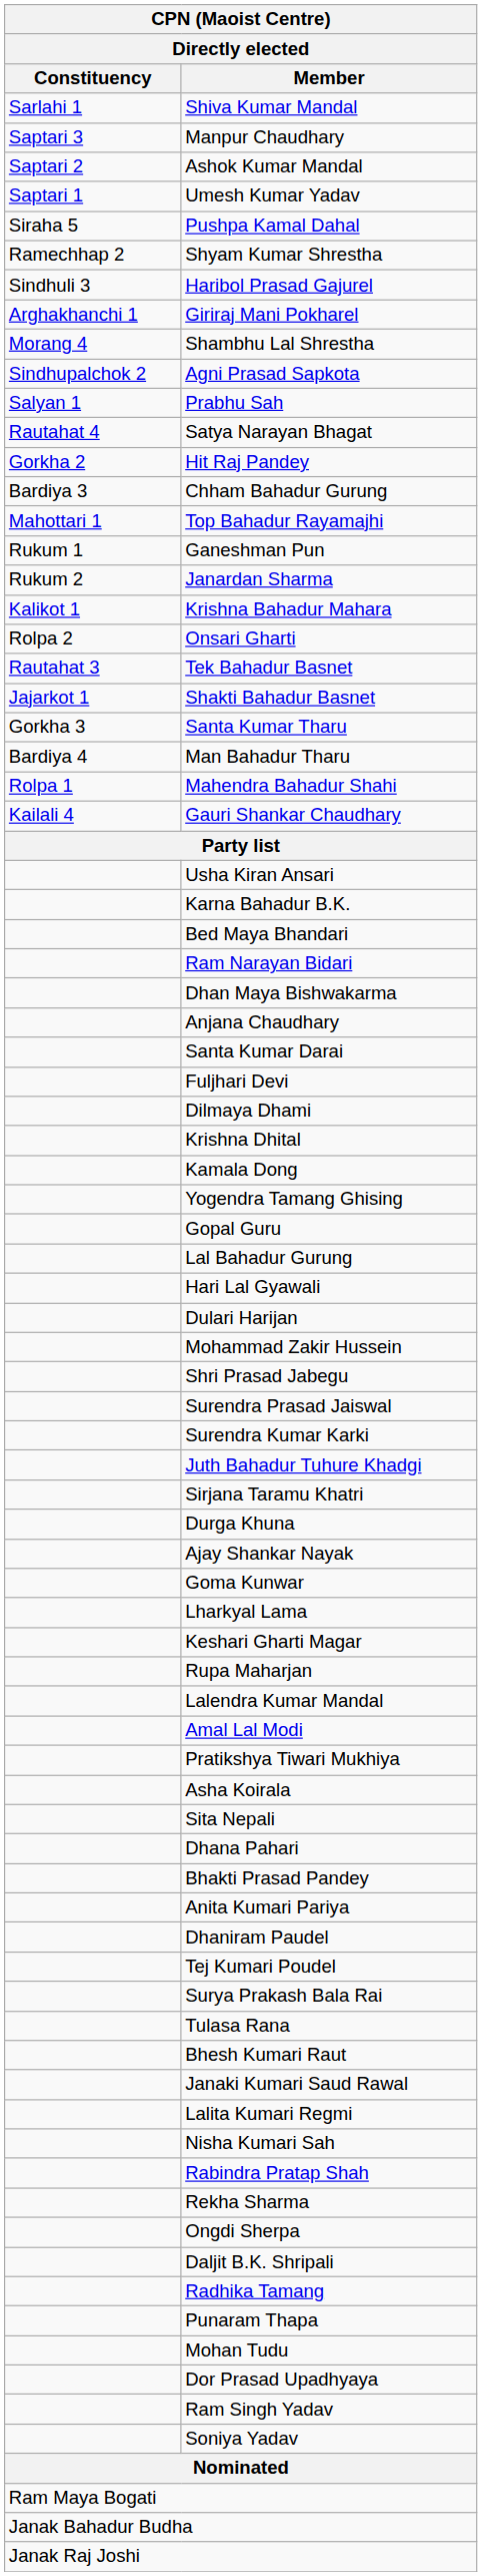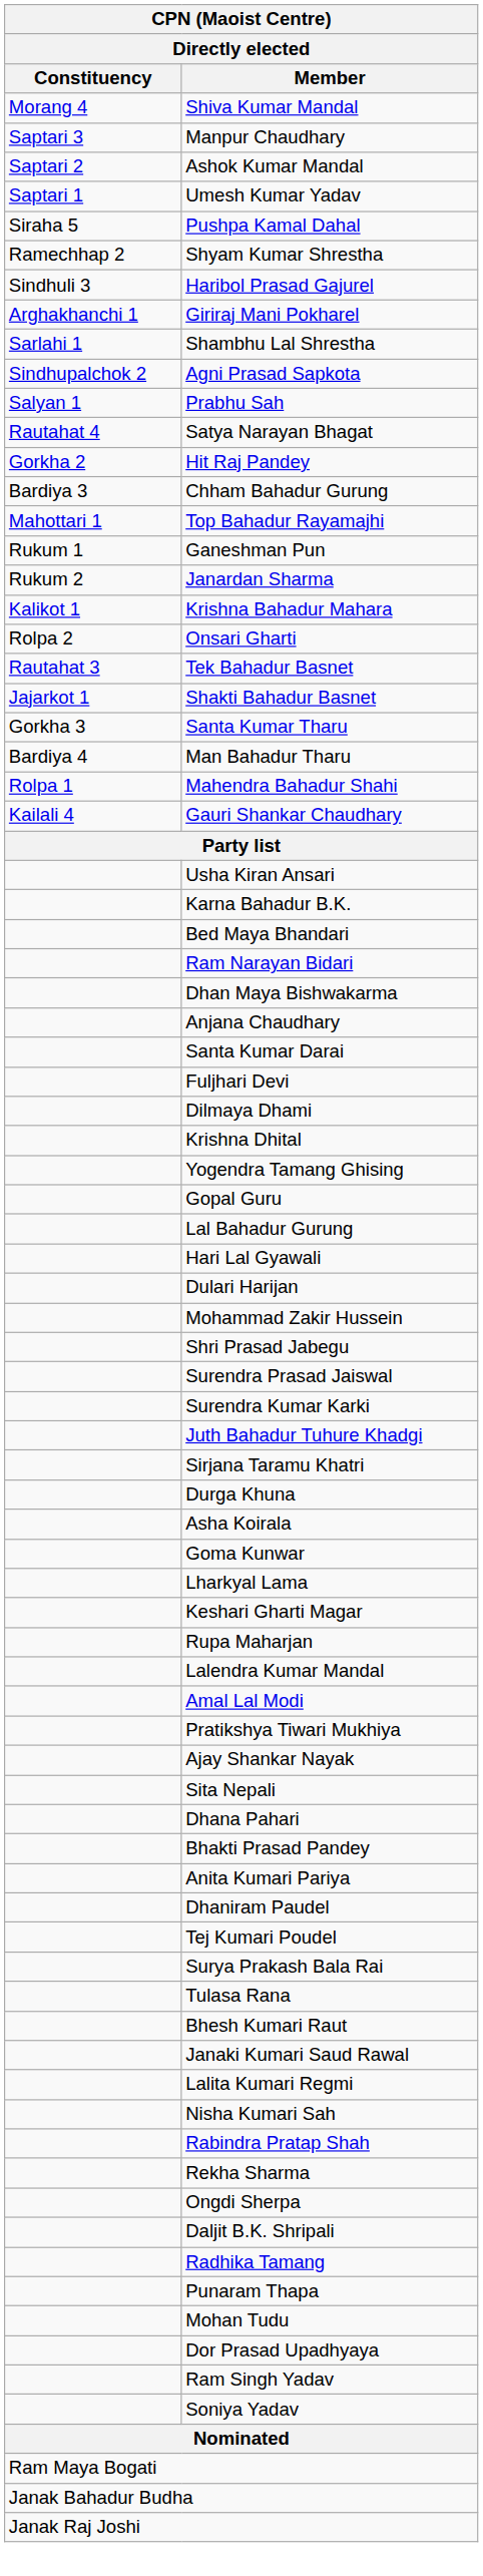 <table class="wikitable mw-collapsible mw-collapsed" role="presentation">
 <tr>
 <th colspan="2" style="width: 300pt; background: ">CPN (Maoist Centre)</th>
 </tr>
 <tr>
 <th colspan="2">Directly elected</th>
 </tr>
 <tr>
 <th>Constituency</th>
 <th>Member</th>
 </tr>
 <tr>
-<td><a href='#'>Sarlahi 1</a></td>
+<td><a href='#'>Morang 4</a></td>
 <td><a href='#'>Shiva Kumar Mandal</a></td>
 </tr>
 <tr>
 <td><a href='#'>Saptari 3</a></td>
 <td>Manpur Chaudhary</td>
 </tr>
 <tr>
 <td><a href='#'>Saptari 2</a></td>
 <td>Ashok Kumar Mandal</td>
 </tr>
 <tr>
 <td><a href='#'>Saptari 1</a></td>
 <td>Umesh Kumar Yadav</td>
 </tr>
 <tr>
 <td>Siraha 5</td>
 <td><a href='#'>Pushpa Kamal Dahal</a></td>
 </tr>
 <tr>
 <td>Ramechhap 2</td>
 <td>Shyam Kumar Shrestha</td>
 </tr>
 <tr>
 <td>Sindhuli 3</td>
 <td><a href='#'>Haribol Prasad Gajurel</a></td>
 </tr>
 <tr>
 <td><a href='#'>Arghakhanchi 1</a></td>
 <td><a href='#'>Giriraj Mani Pokharel</a></td>
 </tr>
 <tr>
-<td><a href='#'>Morang 4</a></td>
+<td><a href='#'>Sarlahi 1</a></td>
 <td>Shambhu Lal Shrestha</td>
 </tr>
 <tr>
 <td><a href='#'>Sindhupalchok 2</a></td>
 <td><a href='#'>Agni Prasad Sapkota</a></td>
 </tr>
 <tr>
 <td><a href='#'>Salyan 1</a></td>
 <td><a href='#'>Prabhu Sah</a></td>
 </tr>
 <tr>
 <td><a href='#'>Rautahat 4</a></td>
 <td>Satya Narayan Bhagat</td>
 </tr>
 <tr>
 <td><a href='#'>Gorkha 2</a></td>
 <td><a href='#'>Hit Raj Pandey</a></td>
 </tr>
 <tr>
 <td>Bardiya 3</td>
 <td>Chham Bahadur Gurung</td>
 </tr>
 <tr>
 <td><a href='#'>Mahottari 1</a></td>
 <td><a href='#'>Top Bahadur Rayamajhi</a></td>
 </tr>
 <tr>
 <td>Rukum 1</td>
 <td>Ganeshman Pun</td>
 </tr>
 <tr>
 <td>Rukum 2</td>
 <td><a href='#'>Janardan Sharma</a></td>
 </tr>
 <tr>
 <td><a href='#'>Kalikot 1</a></td>
 <td><a href='#'>Krishna Bahadur Mahara</a></td>
 </tr>
 <tr>
 <td>Rolpa 2</td>
 <td><a href='#'>Onsari Gharti</a></td>
 </tr>
 <tr>
 <td><a href='#'>Rautahat 3</a></td>
 <td><a href='#'>Tek Bahadur Basnet</a></td>
 </tr>
 <tr>
 <td><a href='#'>Jajarkot 1</a></td>
 <td><a href='#'>Shakti Bahadur Basnet</a></td>
 </tr>
 <tr>
 <td>Gorkha 3</td>
 <td><a href='#'>Santa Kumar Tharu</a></td>
 </tr>
 <tr>
 <td>Bardiya 4</td>
 <td>Man Bahadur Tharu</td>
 </tr>
 <tr>
 <td><a href='#'>Rolpa 1</a></td>
 <td><a href='#'>Mahendra Bahadur Shahi</a></td>
 </tr>
 <tr>
 <td><a href='#'>Kailali 4</a></td>
 <td><a href='#'>Gauri Shankar Chaudhary</a></td>
 </tr>
 <tr>
 <th colspan="2">Party list</th>
 </tr>
 <tr>
 <td></td>
 <td>Usha Kiran Ansari</td>
 </tr>
 <tr>
 <td></td>
 <td>Karna Bahadur B.K.</td>
 </tr>
 <tr>
 <td></td>
 <td>Bed Maya Bhandari</td>
 </tr>
 <tr>
 <td></td>
 <td><a href='#'>Ram Narayan Bidari</a></td>
 </tr>
 <tr>
 <td></td>
 <td>Dhan Maya Bishwakarma</td>
 </tr>
 <tr>
 <td></td>
 <td>Anjana Chaudhary</td>
 </tr>
 <tr>
 <td></td>
 <td>Santa Kumar Darai</td>
 </tr>
 <tr>
 <td></td>
 <td>Fuljhari Devi</td>
 </tr>
 <tr>
 <td></td>
 <td>Dilmaya Dhami</td>
 </tr>
 <tr>
 <td></td>
 <td>Krishna Dhital</td>
 </tr>
 <tr>
 <td></td>
-<td>Kamala Dong</td>
-</tr>
-<tr>
-<td></td>
 <td>Yogendra Tamang Ghising</td>
 </tr>
 <tr>
 <td></td>
 <td>Gopal Guru</td>
 </tr>
 <tr>
 <td></td>
 <td>Lal Bahadur Gurung</td>
 </tr>
 <tr>
 <td></td>
 <td>Hari Lal Gyawali</td>
 </tr>
 <tr>
 <td></td>
 <td>Dulari Harijan</td>
 </tr>
 <tr>
 <td></td>
 <td>Mohammad Zakir Hussein</td>
 </tr>
 <tr>
 <td></td>
 <td>Shri Prasad Jabegu</td>
 </tr>
 <tr>
 <td></td>
 <td>Surendra Prasad Jaiswal</td>
 </tr>
 <tr>
 <td></td>
 <td>Surendra Kumar Karki</td>
 </tr>
 <tr>
 <td></td>
 <td><a href='#'>Juth Bahadur Tuhure Khadgi</a></td>
 </tr>
 <tr>
 <td></td>
 <td>Sirjana Taramu Khatri</td>
 </tr>
 <tr>
 <td></td>
 <td>Durga Khuna</td>
 </tr>
 <tr>
 <td></td>
-<td>Ajay Shankar Nayak</td>
+<td>Asha Koirala</td>
 </tr>
 <tr>
 <td></td>
 <td>Goma Kunwar</td>
 </tr>
 <tr>
 <td></td>
 <td>Lharkyal Lama</td>
 </tr>
 <tr>
 <td></td>
 <td>Keshari Gharti Magar</td>
 </tr>
 <tr>
 <td></td>
 <td>Rupa Maharjan</td>
 </tr>
 <tr>
 <td></td>
 <td>Lalendra Kumar Mandal</td>
 </tr>
 <tr>
 <td></td>
 <td><a href='#'>Amal Lal Modi</a></td>
 </tr>
 <tr>
 <td></td>
 <td>Pratikshya Tiwari Mukhiya</td>
 </tr>
 <tr>
 <td></td>
-<td>Asha Koirala</td>
+<td>Ajay Shankar Nayak</td>
 </tr>
 <tr>
 <td></td>
 <td>Sita Nepali</td>
 </tr>
 <tr>
 <td></td>
 <td>Dhana Pahari</td>
 </tr>
 <tr>
 <td></td>
 <td>Bhakti Prasad Pandey</td>
 </tr>
 <tr>
 <td></td>
 <td>Anita Kumari Pariya</td>
 </tr>
 <tr>
 <td></td>
 <td>Dhaniram Paudel</td>
 </tr>
 <tr>
 <td></td>
 <td>Tej Kumari Poudel</td>
 </tr>
 <tr>
 <td></td>
 <td>Surya Prakash Bala Rai</td>
 </tr>
 <tr>
 <td></td>
 <td>Tulasa Rana</td>
 </tr>
 <tr>
 <td></td>
 <td>Bhesh Kumari Raut</td>
 </tr>
 <tr>
 <td></td>
 <td>Janaki Kumari Saud Rawal</td>
 </tr>
 <tr>
 <td></td>
 <td>Lalita Kumari Regmi</td>
 </tr>
 <tr>
 <td></td>
 <td>Nisha Kumari Sah</td>
 </tr>
 <tr>
 <td></td>
 <td><a href='#'>Rabindra Pratap Shah</a></td>
 </tr>
 <tr>
 <td></td>
 <td>Rekha Sharma</td>
 </tr>
 <tr>
 <td></td>
 <td>Ongdi Sherpa</td>
 </tr>
 <tr>
 <td></td>
 <td>Daljit B.K. Shripali</td>
 </tr>
 <tr>
 <td></td>
 <td><a href='#'>Radhika Tamang</a></td>
 </tr>
 <tr>
 <td></td>
 <td>Punaram Thapa</td>
 </tr>
 <tr>
 <td></td>
 <td>Mohan Tudu</td>
 </tr>
 <tr>
 <td></td>
 <td>Dor Prasad Upadhyaya</td>
 </tr>
 <tr>
 <td></td>
 <td>Ram Singh Yadav</td>
 </tr>
 <tr>
 <td></td>
 <td>Soniya Yadav</td>
 </tr>
 <tr>
 <th colspan="2">Nominated</th>
 </tr>
 <tr>
 <td colspan="2">Ram Maya Bogati</td>
 </tr>
 <tr>
 <td colspan="2">Janak Bahadur Budha</td>
 </tr>
 <tr>
 <td colspan="2">Janak Raj Joshi</td>
 </tr>
 </table>
